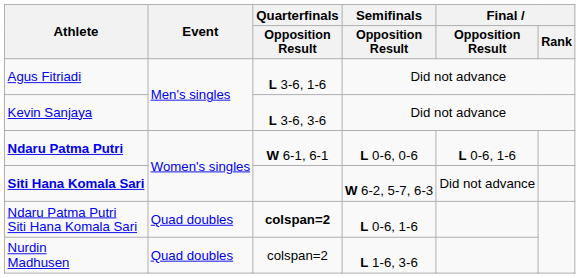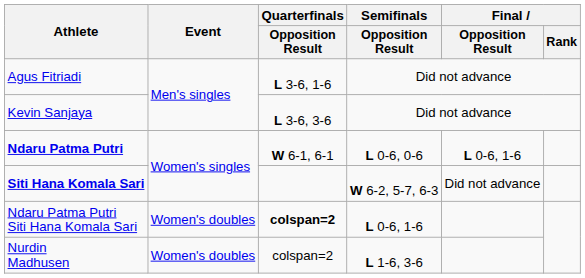 <table class="wikitable" style="font-size:90%;">
 <tr>
 <th rowspan=2>Athlete</th>
 <th rowspan=2>Event</th>
 <th>Quarterfinals</th>
 <th>Semifinals</th>
 <th colspan=2>Final / </th>
 </tr>
 <tr style="font-size:95%">
 <th>Opposition<br>Result</th>
 <th>Opposition<br>Result</th>
 <th>Opposition<br>Result</th>
 <th>Rank</th>
 </tr>
 <tr align=center>
 <td align=left><a href='#'>Agus Fitriadi</a></td>
 <td rowspan=2 align=left><a href='#'>Men's singles</a></td>
 <td><br> <strong>L</strong> 3-6, 1-6</td>
 <td colspan=3>Did not advance</td>
 </tr>
 <tr align=center>
 <td align=left><a href='#'>Kevin Sanjaya</a></td>
 <td><br> <strong>L</strong> 3-6, 3-6</td>
 <td colspan=3>Did not advance</td>
 </tr>
 <tr align=center>
 <td align=left><strong><a href='#'>Ndaru Patma Putri</a></strong></td>
 <td rowspan=2 align=left><a href='#'>Women's singles</a></td>
 <td><br> <strong>W</strong> 6-1, 6-1</td>
 <td><br> <strong>L</strong> 0-6, 0-6</td>
 <td><br> <strong>L</strong> 0-6, 1-6</td>
 <td></td>
 </tr>
 <tr align=center>
 <td align=left><strong><a href='#'>Siti Hana Komala Sari</a></strong></td>
 <td></td>
 <td><br> <strong>W</strong> 6-2, 5-7, 6-3</td>
 <td>Did not advance</td>
 <td></td>
 </tr>
 <tr align=center>
 <td align=left><a href='#'>Ndaru Patma Putri</a><br><a href='#'>Siti Hana Komala Sari</a></td>
-<td align=left><a href='#'>Quad doubles</a></td>
+<td align=left><a href='#'>Women's doubles</a></td>
 <td><strong>colspan=2 </strong></td>
 <td><br> <strong>L</strong> 0-6, 1-6</td>
 <td></td>
 </tr>
 <tr align=center>
 <td align=left><a href='#'>Nurdin</a><br><a href='#'>Madhusen</a></td>
-<td align=left><a href='#'>Quad doubles</a></td>
+<td align=left><a href='#'>Women's doubles</a></td>
 <td>colspan=2 </td>
 <td><br> <strong>L</strong> 1-6, 3-6</td>
 <td></td>
 </tr>
 </table>
